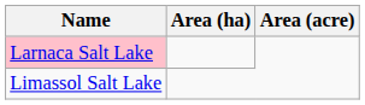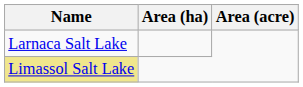 <table class="wikitable">
 <tr>
 <th scope="col" align=left>Name</th>
 <th scope="col">Area (ha)</th>
 <th scope="col">Area (acre)</th>
 </tr>
 <tr ---->
-<td style="background: pink;"><a href='#'>Larnaca Salt Lake</a></td>
+<td><a href='#'>Larnaca Salt Lake</a></td>
 <td></td>
 </tr>
 <tr>
-<td><a href='#'>Limassol Salt Lake</a></td>
+<td style="background: khaki;"><a href='#'>Limassol Salt Lake</a></td>
 </tr>
 </table>
